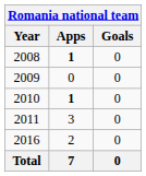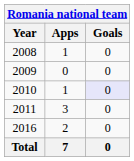 <table class="wikitable" style="text-align:center">
 <tr>
 <th colspan=3><a href='#'>Romania national team</a></th>
 </tr>
 <tr>
 <th>Year</th>
 <th>Apps</th>
 <th>Goals</th>
 </tr>
 <tr>
 <td>2008</td>
-<td><strong>1</strong></td>
+<td>1</td>
 <td>0</td>
 </tr>
 <tr>
 <td>2009</td>
 <td>0</td>
 <td>0</td>
 </tr>
 <tr>
 <td>2010</td>
-<td><strong>1</strong></td>
-<td>0</td>
+<td>1</td>
+<td style="background: lavender;">0</td>
 </tr>
 <tr>
 <td>2011</td>
 <td>3</td>
 <td>0</td>
 </tr>
 <tr>
 <td>2016</td>
 <td>2</td>
 <td>0</td>
 </tr>
 <tr>
 <th>Total</th>
 <th>7</th>
 <th>0</th>
 </tr>
 </table>
